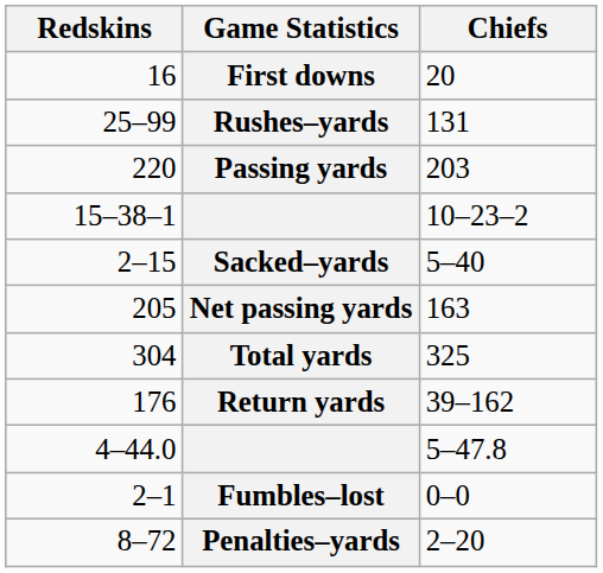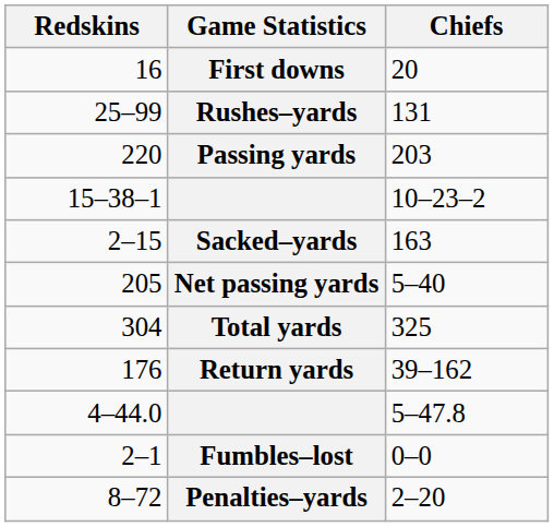 <table class="wikitable" style="margin: 1em auto 1em auto">
 <tr>
 <th style="width:30%;">Redskins</th>
 <th style="width:40%;">Game Statistics</th>
 <th style="width:30%;">Chiefs</th>
 </tr>
 <tr>
 <td style="text-align:right;">16</td>
 <th>First downs</th>
 <td>20</td>
 </tr>
 <tr>
 <td style="text-align:right;">25–99</td>
 <th>Rushes–yards</th>
 <td>131</td>
 </tr>
 <tr>
 <td style="text-align:right;">220</td>
 <th>Passing yards</th>
 <td>203</td>
 </tr>
 <tr>
 <td style="text-align:right;">15–38–1</td>
 <th></th>
 <td>10–23–2</td>
 </tr>
 <tr>
 <td style="text-align:right;">2–15</td>
 <th>Sacked–yards</th>
-<td>5–40</td>
+<td>163</td>
 </tr>
 <tr>
 <td style="text-align:right;">205</td>
 <th>Net passing yards</th>
-<td>163</td>
+<td>5–40</td>
 </tr>
 <tr>
 <td style="text-align:right;">304</td>
 <th>Total yards</th>
 <td>325</td>
 </tr>
 <tr>
 <td style="text-align:right;">176</td>
 <th>Return yards</th>
 <td>39–162</td>
 </tr>
 <tr>
 <td style="text-align:right;">4–44.0</td>
 <th></th>
 <td>5–47.8</td>
 </tr>
 <tr>
 <td style="text-align:right;">2–1</td>
 <th>Fumbles–lost</th>
 <td>0–0</td>
 </tr>
 <tr>
 <td style="text-align:right;">8–72</td>
 <th>Penalties–yards</th>
 <td>2–20</td>
 </tr>
 </table>
